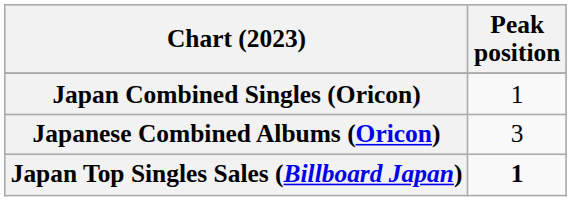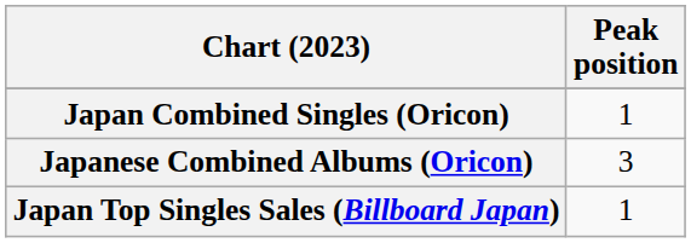 <table class="wikitable sortable plainrowheaders" style="text-align:center">
 <tr>
 <th scope="col">Chart (2023)</th>
 <th scope="col">Peak<br>position</th>
 </tr>
 <tr>
 </tr>
 <tr>
 <th scope="row">Japan Combined Singles (Oricon)</th>
 <td>1</td>
 </tr>
 <tr>
 <th scope="row">Japanese Combined Albums (<a href='#'>Oricon</a>)</th>
 <td>3</td>
 </tr>
 <tr>
 <th scope="row">Japan Top Singles Sales (<em><a href='#'>Billboard Japan</a></em>)</th>
-<td><strong>1</strong></td>
+<td>1</td>
 </tr>
 </table>
